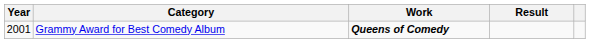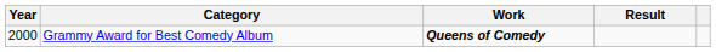 <table class="wikitable">
 <tr>
 <th scope="col" style="width:1em;">Year</th>
 <th scope="col" style="width:44em;">Category</th>
 <th scope="col" style="width:18em;">Work</th>
 <th scope="col" style="width:10em;">Result</th>
 <th class="unsortable" style="width:1em;"></th>
 </tr>
 <tr>
-<td>2001</td>
+<td>2000</td>
 <td><a href='#'>Grammy Award for Best Comedy Album</a></td>
 <td><strong><em>Queens of Comedy</em></strong></td>
 <td></td>
 <td></td>
 </tr>
 </table>
